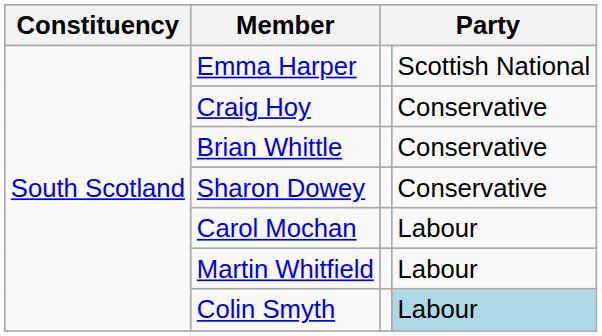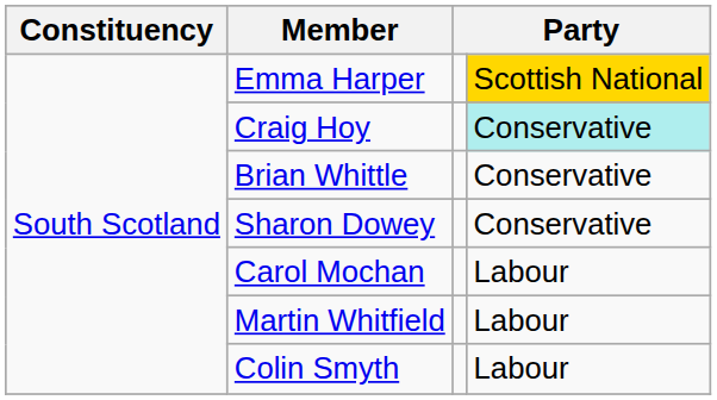 <table class="wikitable" style="font-size: 95%;">
 <tr>
 <th>Constituency</th>
 <th>Member</th>
 <th colspan=2>Party</th>
 </tr>
 <tr>
 <td rowspan=7><a href='#'>South Scotland</a></td>
 <td><a href='#'>Emma Harper</a></td>
 <td></td>
-<td>Scottish National</td>
+<td style="background: gold;">Scottish National</td>
 </tr>
 <tr>
 <td><a href='#'>Craig Hoy</a></td>
 <td></td>
-<td>Conservative</td>
+<td style="background: paleturquoise;">Conservative</td>
 </tr>
 <tr>
 <td><a href='#'>Brian Whittle</a></td>
 <td></td>
 <td>Conservative</td>
 </tr>
 <tr>
 <td><a href='#'>Sharon Dowey</a></td>
 <td></td>
 <td>Conservative</td>
 </tr>
 <tr>
 <td><a href='#'>Carol Mochan</a></td>
 <td></td>
 <td>Labour</td>
 </tr>
 <tr>
 <td><a href='#'>Martin Whitfield</a></td>
 <td></td>
 <td>Labour</td>
 </tr>
 <tr>
 <td><a href='#'>Colin Smyth</a></td>
 <td></td>
-<td style="background: lightblue;">Labour</td>
+<td>Labour</td>
 </tr>
 </table>
